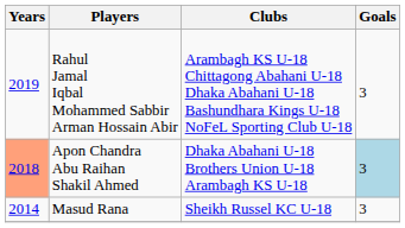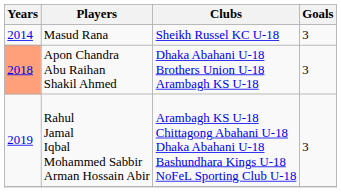 <table class=wikitable>
 <tr>
 <th>Years</th>
 <th>Players</th>
 <th>Clubs</th>
 <th>Goals</th>
 </tr>
 <tr>
+<td><a href='#'>2014</a></td>
+<td> Masud Rana</td>
+<td><a href='#'>Sheikh Russel KC U-18</a></td>
+<td>3</td>
+</tr>
+<tr>
+<td style="background: lightsalmon;"><a href='#'>2018</a></td>
+<td> Apon Chandra<br> Abu Raihan<br> Shakil Ahmed</td>
+<td><a href='#'>Dhaka Abahani U-18</a><br><a href='#'>Brothers Union U-18</a><br><a href='#'>Arambagh KS U-18</a></td>
+<td>3</td>
+</tr>
+<tr>
 <td><a href='#'>2019</a></td>
 <td><br> Rahul<br> Jamal<br> Iqbal<br> Mohammed Sabbir<br> Arman Hossain Abir</td>
 <td><br><a href='#'>Arambagh KS U-18</a><br><a href='#'>Chittagong Abahani U-18</a><br><a href='#'>Dhaka Abahani U-18</a> <br><a href='#'>Bashundhara Kings U-18</a><br><a href='#'>NoFeL Sporting Club U-18</a></td>
 <td><br>3</td>
 </tr>
 <tr>
-<td style="background: lightsalmon;"><a href='#'>2018</a></td>
-<td> Apon Chandra<br> Abu Raihan<br> Shakil Ahmed</td>
-<td><a href='#'>Dhaka Abahani U-18</a><br><a href='#'>Brothers Union U-18</a><br><a href='#'>Arambagh KS U-18</a></td>
-<td style="background: lightblue;">3</td>
-</tr>
-<tr>
-<td><a href='#'>2014</a></td>
-<td> Masud Rana</td>
-<td><a href='#'>Sheikh Russel KC U-18</a></td>
-<td>3</td>
-</tr>
-<tr>
 </tr>
 </table>
